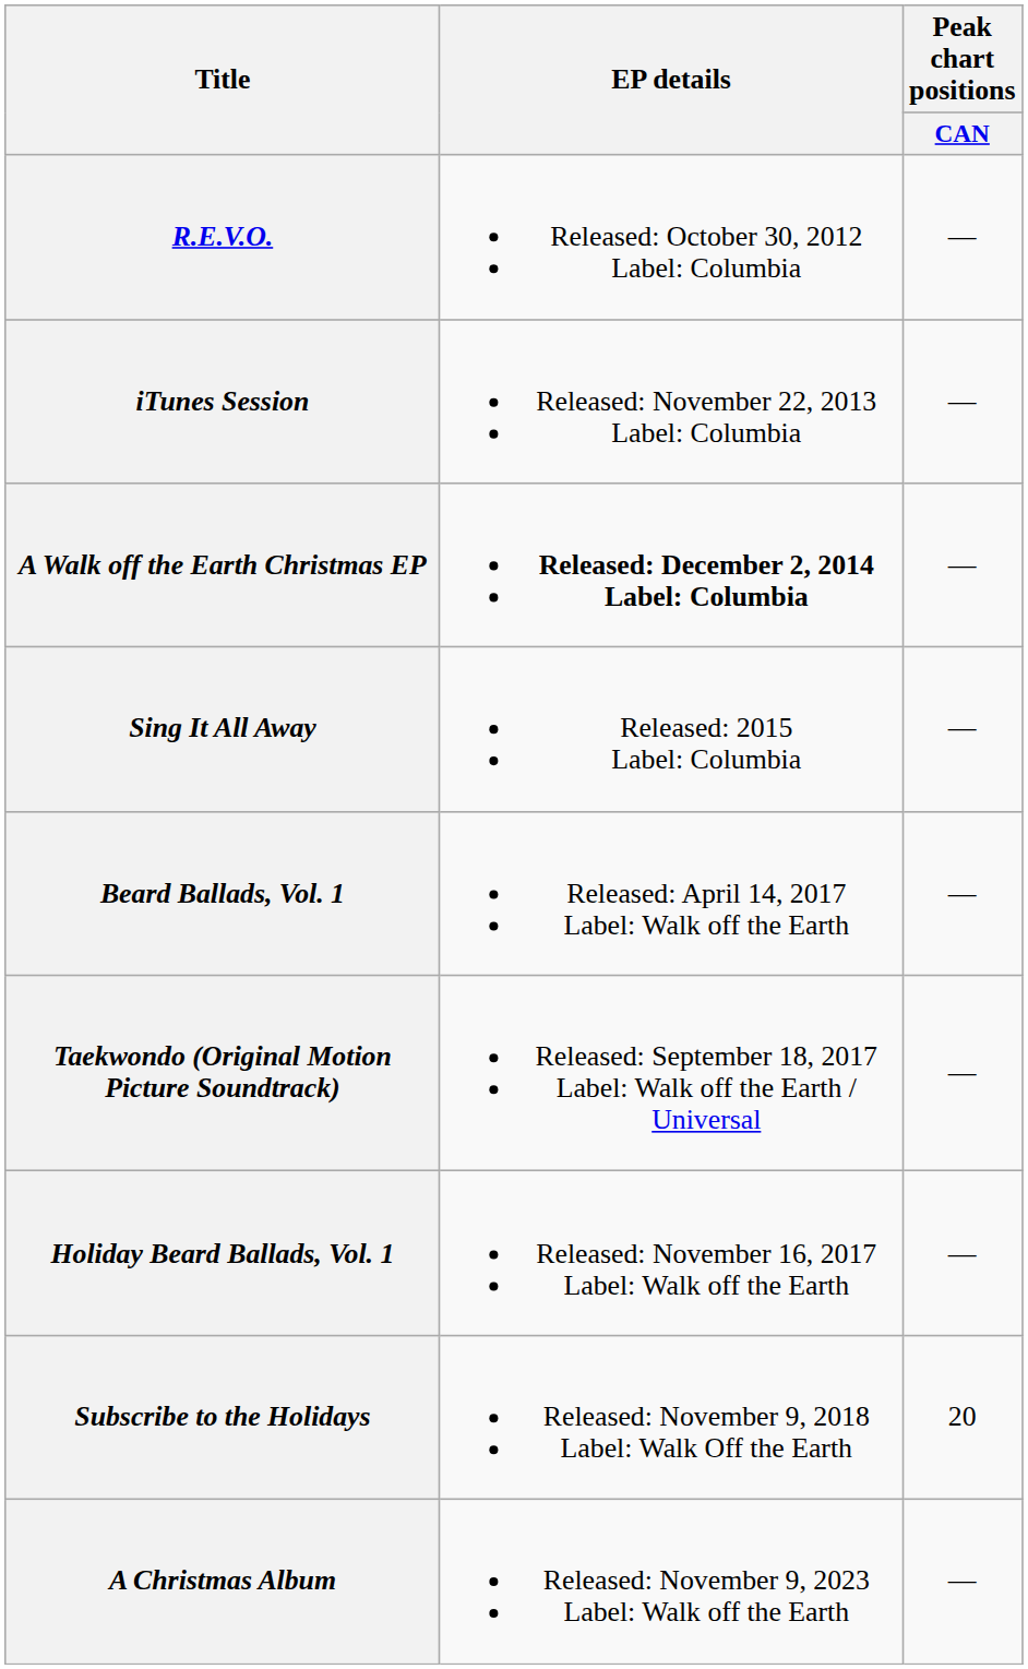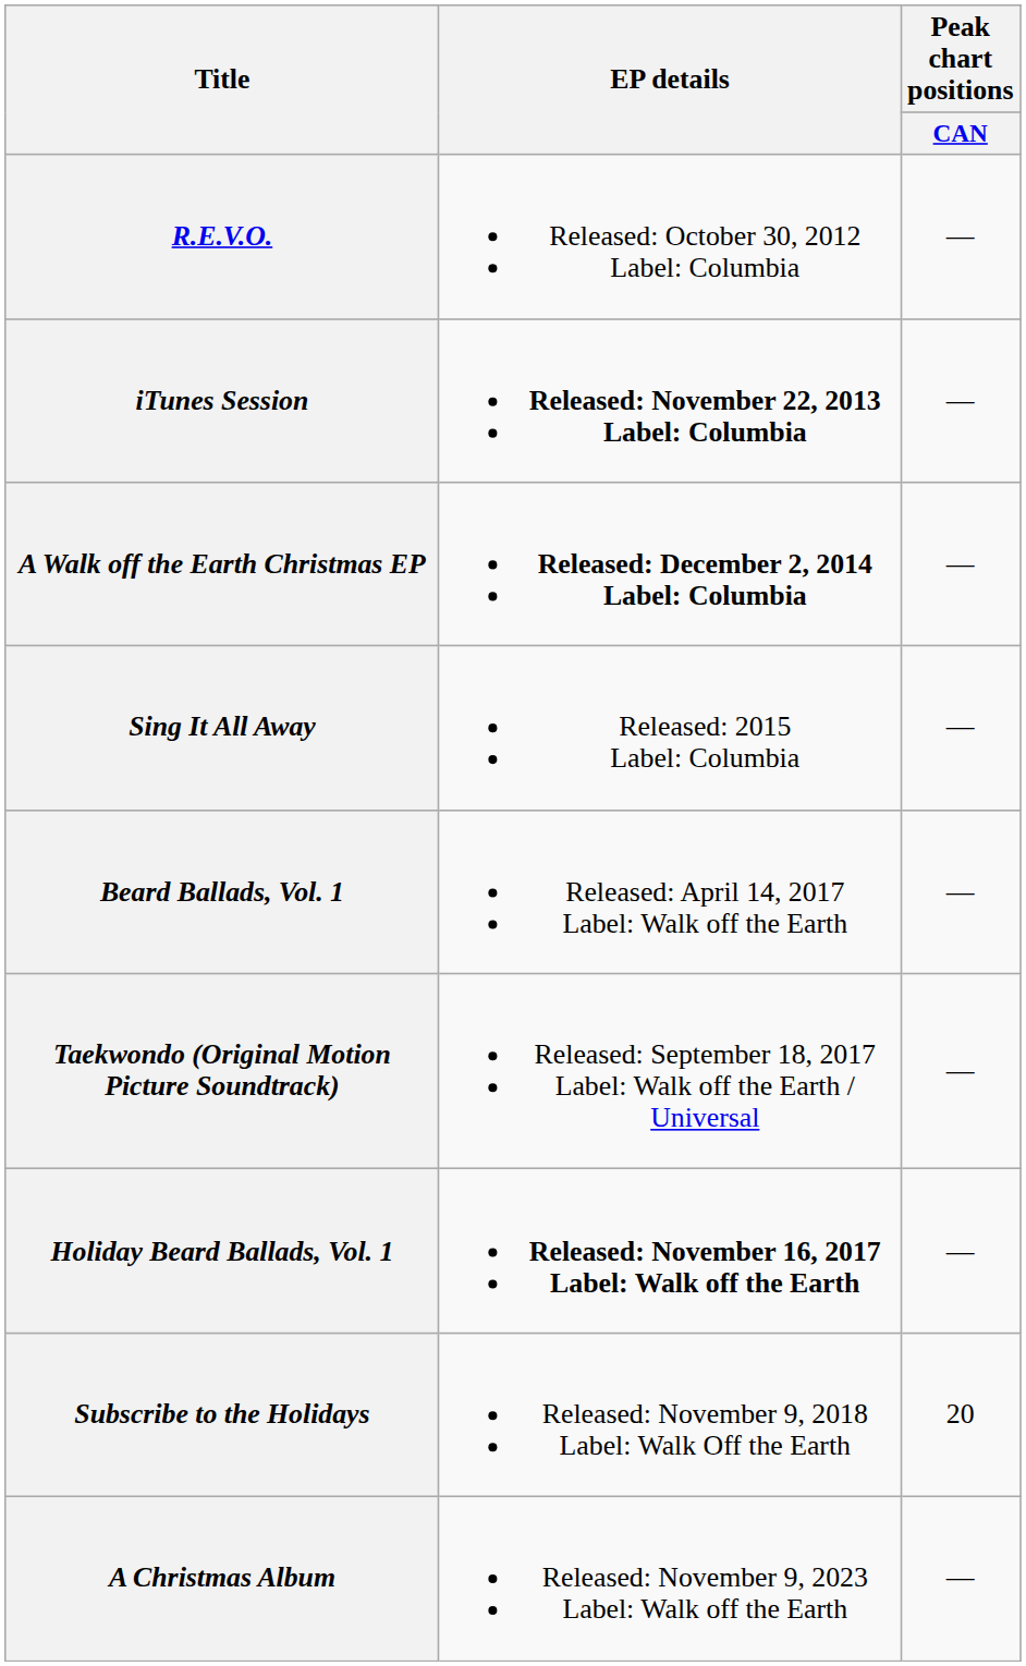 <table class="wikitable plainrowheaders" style="text-align:center;">
 <tr>
 <th scope="col" rowspan="2" style="width:15em;">Title</th>
 <th scope="col" rowspan="2" style="width:16em;">EP details</th>
 <th scope="col" colspan="1">Peak chart positions</th>
 </tr>
 <tr>
 <th style="width:3em;font-size:90%;"><a href='#'>CAN</a><br></th>
 </tr>
 <tr>
 <th scope="row"><em><a href='#'>R.E.V.O.</a></em></th>
 <td><br><ul><li>Released: October 30, 2012</li><li>Label: Columbia</li></ul></td>
 <td>—</td>
 </tr>
 <tr>
 <th scope="row"><em>iTunes Session</em></th>
-<td><br><ul><li>Released: November 22, 2013</li><li>Label: Columbia</li></ul></td>
+<td><strong><br><ul><li>Released: November 22, 2013</li><li>Label: Columbia</li></ul></strong></td>
 <td>—</td>
 </tr>
 <tr>
 <th scope="row"><em>A Walk off the Earth Christmas EP</em></th>
 <td><strong><br><ul><li>Released: December 2, 2014</li><li>Label: Columbia</li></ul></strong></td>
 <td>—</td>
 </tr>
 <tr>
 <th scope="row"><em>Sing It All Away</em></th>
 <td><br><ul><li>Released: 2015</li><li>Label: Columbia</li></ul></td>
 <td>—</td>
 </tr>
 <tr>
 <th scope="row"><em>Beard Ballads, Vol. 1</em></th>
 <td><br><ul><li>Released: April 14, 2017</li><li>Label: Walk off the Earth</li></ul></td>
 <td>—</td>
 </tr>
 <tr>
 <th scope="row"><em>Taekwondo (Original Motion Picture Soundtrack)</em></th>
 <td><br><ul><li>Released: September 18, 2017</li><li>Label: Walk off the Earth / <a href='#'>Universal</a></li></ul></td>
 <td>—</td>
 </tr>
 <tr>
 <th scope="row"><em>Holiday Beard Ballads, Vol. 1</em></th>
-<td><br><ul><li>Released: November 16, 2017</li><li>Label: Walk off the Earth</li></ul></td>
+<td><strong><br><ul><li>Released: November 16, 2017</li><li>Label: Walk off the Earth</li></ul></strong></td>
 <td>—</td>
 </tr>
 <tr>
 <th scope="row"><em>Subscribe to the Holidays</em></th>
 <td><br><ul><li>Released: November 9, 2018</li><li>Label: Walk Off the Earth</li></ul></td>
 <td>20<br></td>
 </tr>
 <tr>
 <th scope="row"><em>A Christmas Album</em></th>
 <td><br><ul><li>Released: November 9, 2023</li><li>Label: Walk off the Earth</li></ul></td>
 <td>—</td>
 </tr>
 </table>
